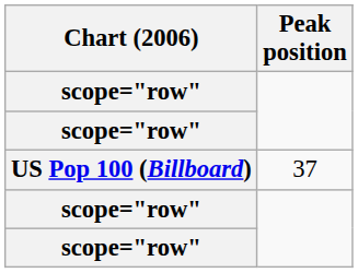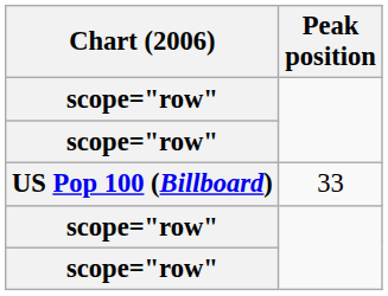 <table class="wikitable sortable plainrowheaders" style="text-align:center;">
 <tr>
 <th scope="col">Chart (2006)</th>
 <th scope="col">Peak<br>position</th>
 </tr>
 <tr>
 <th>scope="row"</th>
 </tr>
 <tr>
 <th>scope="row"</th>
 </tr>
 <tr>
 <th scope="row">US <a href='#'>Pop 100</a> (<em><a href='#'>Billboard</a></em>)</th>
-<td>37</td>
+<td>33</td>
 </tr>
 <tr>
 <th>scope="row"</th>
 </tr>
 <tr>
 <th>scope="row"</th>
 </tr>
 </table>
